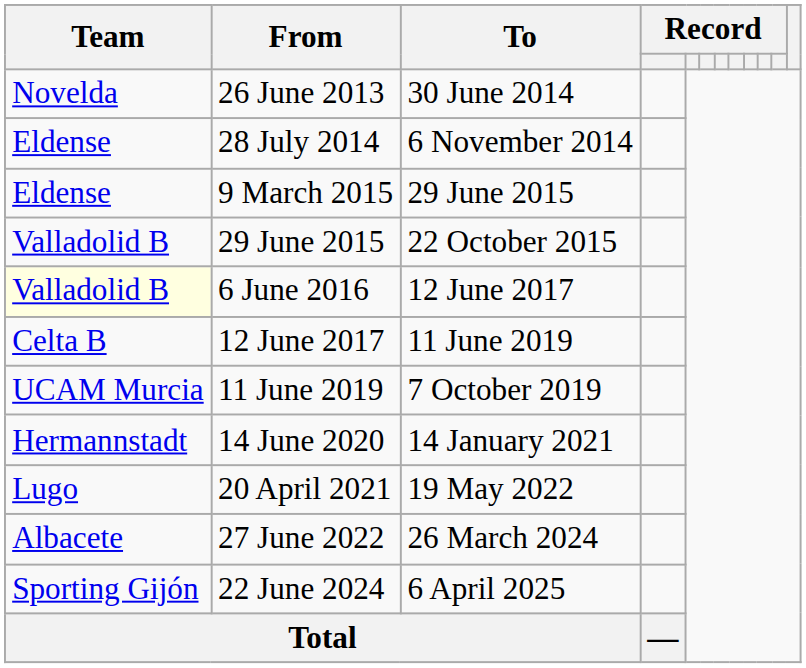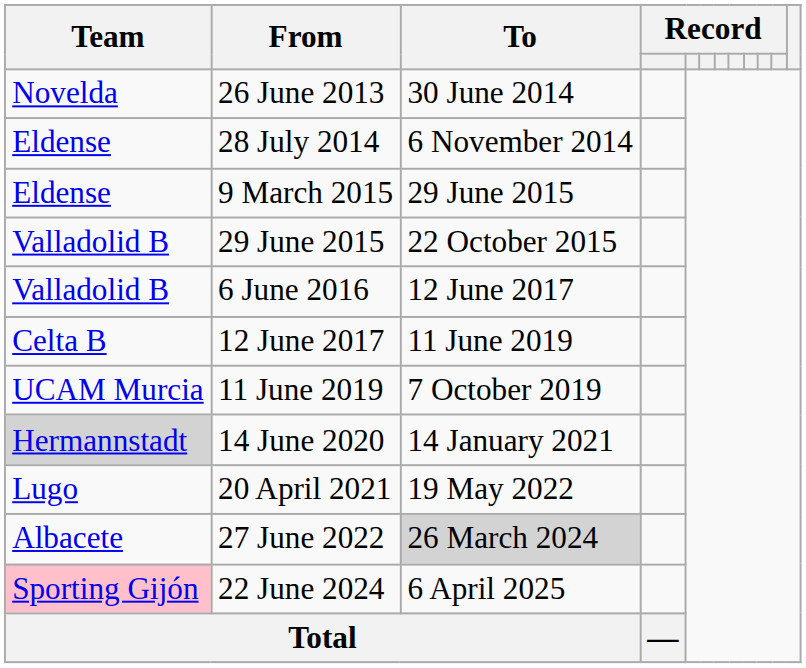 <table class="wikitable" style="text-align: center">
 <tr>
 <th rowspan="2">Team</th>
 <th rowspan="2">From</th>
 <th rowspan="2">To</th>
 <th colspan="8">Record</th>
 <th rowspan=2></th>
 </tr>
 <tr>
 <th></th>
 <th></th>
 <th></th>
 <th></th>
 <th></th>
 <th></th>
 <th></th>
 <th></th>
 </tr>
 <tr>
 <td align=left><a href='#'>Novelda</a></td>
 <td align=left>26 June 2013</td>
 <td align=left>30 June 2014<br></td>
 <td></td>
 </tr>
 <tr>
 <td align=left><a href='#'>Eldense</a></td>
 <td align=left>28 July 2014</td>
 <td align=left>6 November 2014<br></td>
 <td></td>
 </tr>
 <tr>
 <td align=left><a href='#'>Eldense</a></td>
 <td align=left>9 March 2015</td>
 <td align=left>29 June 2015<br></td>
 <td></td>
 </tr>
 <tr>
 <td align=left><a href='#'>Valladolid B</a></td>
 <td align=left>29 June 2015</td>
 <td align=left>22 October 2015<br></td>
 <td></td>
 </tr>
 <tr>
-<td align=left style="background: lightyellow;"><a href='#'>Valladolid B</a></td>
+<td align=left><a href='#'>Valladolid B</a></td>
 <td align=left>6 June 2016</td>
 <td align=left>12 June 2017<br></td>
 <td></td>
 </tr>
 <tr>
 <td align=left><a href='#'>Celta B</a></td>
 <td align=left>12 June 2017</td>
 <td align=left>11 June 2019<br></td>
 <td></td>
 </tr>
 <tr>
 <td align=left><a href='#'>UCAM Murcia</a></td>
 <td align=left>11 June 2019</td>
 <td align=left>7 October 2019<br></td>
 <td></td>
 </tr>
 <tr>
-<td align=left><a href='#'>Hermannstadt</a></td>
+<td align=left style="background: lightgrey;"><a href='#'>Hermannstadt</a></td>
 <td align=left>14 June 2020</td>
 <td align=left>14 January 2021<br></td>
 <td></td>
 </tr>
 <tr>
 <td align=left><a href='#'>Lugo</a></td>
 <td align=left>20 April 2021</td>
 <td align=left>19 May 2022<br></td>
 <td></td>
 </tr>
 <tr>
 <td align=left><a href='#'>Albacete</a></td>
 <td align=left>27 June 2022</td>
-<td align=left>26 March 2024<br></td>
+<td align=left style="background: lightgrey;">26 March 2024<br></td>
 <td></td>
 </tr>
 <tr>
-<td align=left><a href='#'>Sporting Gijón</a></td>
+<td align=left style="background: pink;"><a href='#'>Sporting Gijón</a></td>
 <td align=left>22 June 2024</td>
 <td align=left>6 April 2025<br></td>
 <td></td>
 </tr>
 <tr>
 <th colspan="3">Total<br></th>
 <th>—</th>
 </tr>
 </table>
